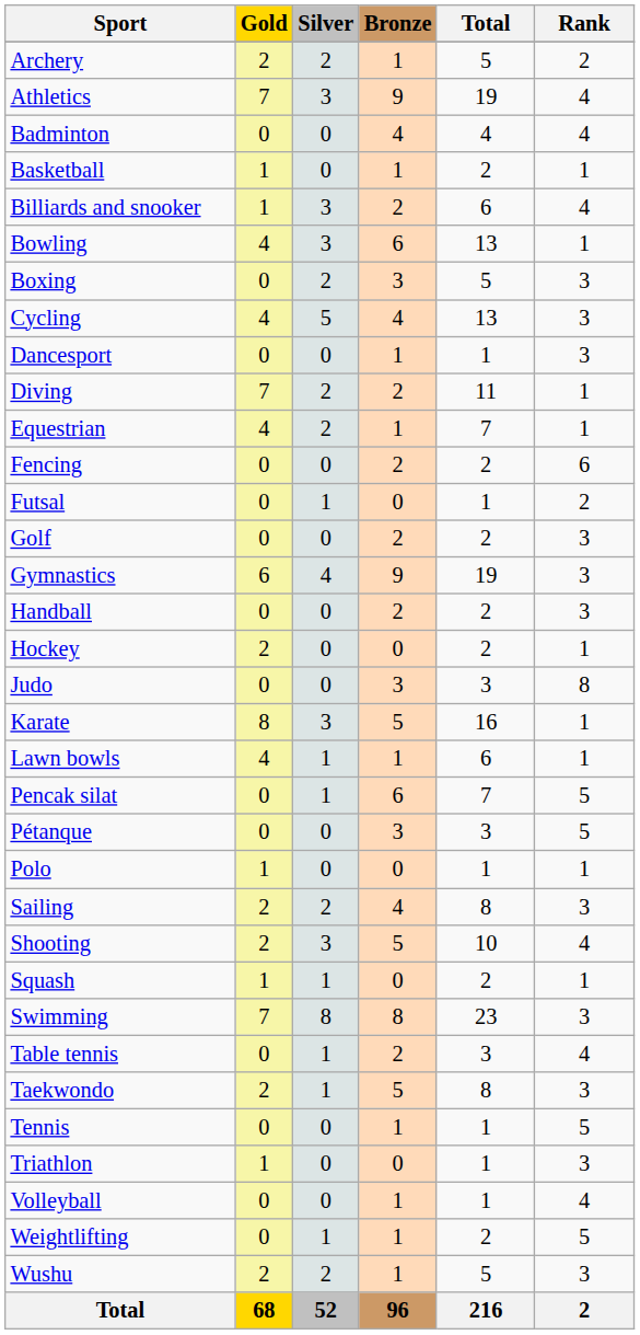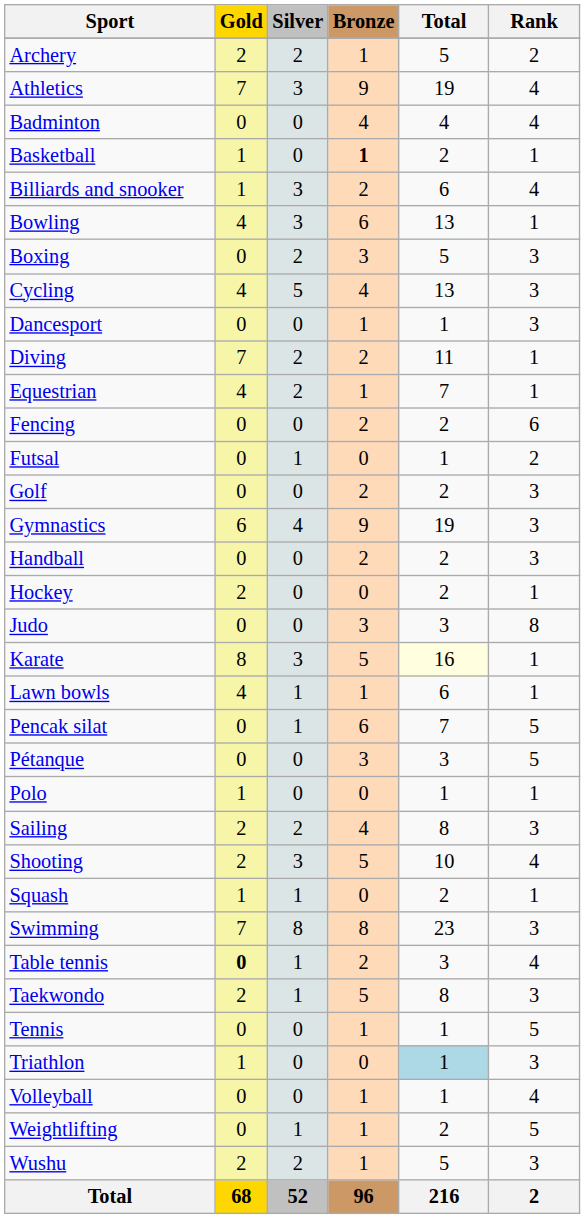 <table class="wikitable sortable" style="text-align:center; font-size:95%">
 <tr>
 <th width=150>Sport</th>
 <th style="background-color:gold; width=60;">Gold</th>
 <th style="background-color:silver; width=60;">Silver</th>
 <th style="background-color:#cc9966; width=60;">Bronze</th>
 <th width=60>Total</th>
 <th width=60>Rank</th>
 </tr>
 <tr>
 </tr>
 <tr>
 <td align=left> <a href='#'>Archery</a></td>
 <td bgcolor=#f7f6a8>2</td>
 <td bgcolor=#dce5e5>2</td>
 <td bgcolor=#ffdab9>1</td>
 <td>5</td>
 <td>2</td>
 </tr>
 <tr>
 <td align=left> <a href='#'>Athletics</a></td>
 <td bgcolor=#f7f6a8>7</td>
 <td bgcolor=#dce5e5>3</td>
 <td bgcolor=#ffdab9>9</td>
 <td>19</td>
 <td>4</td>
 </tr>
 <tr>
 <td align=left> <a href='#'>Badminton</a></td>
 <td bgcolor=#f7f6a8>0</td>
 <td bgcolor=#dce5e5>0</td>
 <td bgcolor=#ffdab9>4</td>
 <td>4</td>
 <td>4</td>
 </tr>
 <tr>
 <td align=left> <a href='#'>Basketball</a></td>
 <td bgcolor=#f7f6a8>1</td>
 <td bgcolor=#dce5e5>0</td>
-<td bgcolor=#ffdab9>1</td>
+<td bgcolor=#ffdab9><strong>1</strong></td>
 <td>2</td>
 <td>1</td>
 </tr>
 <tr>
 <td align=left> <a href='#'>Billiards and snooker</a></td>
 <td bgcolor=#f7f6a8>1</td>
 <td bgcolor=#dce5e5>3</td>
 <td bgcolor=#ffdab9>2</td>
 <td>6</td>
 <td>4</td>
 </tr>
 <tr>
 <td align=left> <a href='#'>Bowling</a></td>
 <td bgcolor=#f7f6a8>4</td>
 <td bgcolor=#dce5e5>3</td>
 <td bgcolor=#ffdab9>6</td>
 <td>13</td>
 <td>1</td>
 </tr>
 <tr>
 <td align=left> <a href='#'>Boxing</a></td>
 <td bgcolor=#f7f6a8>0</td>
 <td bgcolor=#dce5e5>2</td>
 <td bgcolor=#ffdab9>3</td>
 <td>5</td>
 <td>3</td>
 </tr>
 <tr>
 <td align=left> <a href='#'>Cycling</a></td>
 <td bgcolor=#f7f6a8>4</td>
 <td bgcolor=#dce5e5>5</td>
 <td bgcolor=#ffdab9>4</td>
 <td>13</td>
 <td>3</td>
 </tr>
 <tr>
 <td align=left> <a href='#'>Dancesport</a></td>
 <td bgcolor=#f7f6a8>0</td>
 <td bgcolor=#dce5e5>0</td>
 <td bgcolor=#ffdab9>1</td>
 <td>1</td>
 <td>3</td>
 </tr>
 <tr>
 <td align=left> <a href='#'>Diving</a></td>
 <td bgcolor=#f7f6a8>7</td>
 <td bgcolor=#dce5e5>2</td>
 <td bgcolor=#ffdab9>2</td>
 <td>11</td>
 <td>1</td>
 </tr>
 <tr>
 <td align=left> <a href='#'>Equestrian</a></td>
 <td bgcolor=#f7f6a8>4</td>
 <td bgcolor=#dce5e5>2</td>
 <td bgcolor=#ffdab9>1</td>
 <td>7</td>
 <td>1</td>
 </tr>
 <tr>
 <td align=left> <a href='#'>Fencing</a></td>
 <td bgcolor=#f7f6a8>0</td>
 <td bgcolor=#dce5e5>0</td>
 <td bgcolor=#ffdab9>2</td>
 <td>2</td>
 <td>6</td>
 </tr>
 <tr>
 <td align=left> <a href='#'>Futsal</a></td>
 <td bgcolor=#f7f6a8>0</td>
 <td bgcolor=#dce5e5>1</td>
 <td bgcolor=#ffdab9>0</td>
 <td>1</td>
 <td>2</td>
 </tr>
 <tr>
 <td align=left> <a href='#'>Golf</a></td>
 <td bgcolor=#f7f6a8>0</td>
 <td bgcolor=#dce5e5>0</td>
 <td bgcolor=#ffdab9>2</td>
 <td>2</td>
 <td>3</td>
 </tr>
 <tr>
 <td align=left> <a href='#'>Gymnastics</a></td>
 <td bgcolor=#f7f6a8>6</td>
 <td bgcolor=#dce5e5>4</td>
 <td bgcolor=#ffdab9>9</td>
 <td>19</td>
 <td>3</td>
 </tr>
 <tr>
 <td align=left> <a href='#'>Handball</a></td>
 <td bgcolor=#f7f6a8>0</td>
 <td bgcolor=#dce5e5>0</td>
 <td bgcolor=#ffdab9>2</td>
 <td>2</td>
 <td>3</td>
 </tr>
 <tr>
 <td align=left> <a href='#'>Hockey</a></td>
 <td bgcolor=#f7f6a8>2</td>
 <td bgcolor=#dce5e5>0</td>
 <td bgcolor=#ffdab9>0</td>
 <td>2</td>
 <td>1</td>
 </tr>
 <tr>
 <td align=left> <a href='#'>Judo</a></td>
 <td bgcolor=#f7f6a8>0</td>
 <td bgcolor=#dce5e5>0</td>
 <td bgcolor=#ffdab9>3</td>
 <td>3</td>
 <td>8</td>
 </tr>
 <tr>
 <td align=left> <a href='#'>Karate</a></td>
 <td bgcolor=#f7f6a8>8</td>
 <td bgcolor=#dce5e5>3</td>
 <td bgcolor=#ffdab9>5</td>
-<td>16</td>
+<td style="background: lightyellow;">16</td>
 <td>1</td>
 </tr>
 <tr>
 <td align=left> <a href='#'>Lawn bowls</a></td>
 <td bgcolor=#f7f6a8>4</td>
 <td bgcolor=#dce5e5>1</td>
 <td bgcolor=#ffdab9>1</td>
 <td>6</td>
 <td>1</td>
 </tr>
 <tr>
 <td align=left><a href='#'>Pencak silat</a></td>
 <td bgcolor=#f7f6a8>0</td>
 <td bgcolor=#dce5e5>1</td>
 <td bgcolor=#ffdab9>6</td>
 <td>7</td>
 <td>5</td>
 </tr>
 <tr>
 <td align=left> <a href='#'>Pétanque</a></td>
 <td bgcolor=#f7f6a8>0</td>
 <td bgcolor=#dce5e5>0</td>
 <td bgcolor=#ffdab9>3</td>
 <td>3</td>
 <td>5</td>
 </tr>
 <tr>
 <td align=left> <a href='#'>Polo</a></td>
 <td bgcolor=#f7f6a8>1</td>
 <td bgcolor=#dce5e5>0</td>
 <td bgcolor=#ffdab9>0</td>
 <td>1</td>
 <td>1</td>
 </tr>
 <tr>
 <td align=left> <a href='#'>Sailing</a></td>
 <td bgcolor=#f7f6a8>2</td>
 <td bgcolor=#dce5e5>2</td>
 <td bgcolor=#ffdab9>4</td>
 <td>8</td>
 <td>3</td>
 </tr>
 <tr>
 <td align=left> <a href='#'>Shooting</a></td>
 <td bgcolor=#f7f6a8>2</td>
 <td bgcolor=#dce5e5>3</td>
 <td bgcolor=#ffdab9>5</td>
 <td>10</td>
 <td>4</td>
 </tr>
 <tr>
 <td align=left> <a href='#'>Squash</a></td>
 <td bgcolor=#f7f6a8>1</td>
 <td bgcolor=#dce5e5>1</td>
 <td bgcolor=#ffdab9>0</td>
 <td>2</td>
 <td>1</td>
 </tr>
 <tr>
 <td align=left> <a href='#'>Swimming</a></td>
 <td bgcolor=#f7f6a8>7</td>
 <td bgcolor=#dce5e5>8</td>
 <td bgcolor=#ffdab9>8</td>
 <td>23</td>
 <td>3</td>
 </tr>
 <tr>
 <td align=left> <a href='#'>Table tennis</a></td>
-<td bgcolor=#f7f6a8>0</td>
+<td bgcolor=#f7f6a8><strong>0</strong></td>
 <td bgcolor=#dce5e5>1</td>
 <td bgcolor=#ffdab9>2</td>
 <td>3</td>
 <td>4</td>
 </tr>
 <tr>
 <td align=left> <a href='#'>Taekwondo</a></td>
 <td bgcolor=#f7f6a8>2</td>
 <td bgcolor=#dce5e5>1</td>
 <td bgcolor=#ffdab9>5</td>
 <td>8</td>
 <td>3</td>
 </tr>
 <tr>
 <td align=left> <a href='#'>Tennis</a></td>
 <td bgcolor=#f7f6a8>0</td>
 <td bgcolor=#dce5e5>0</td>
 <td bgcolor=#ffdab9>1</td>
 <td>1</td>
 <td>5</td>
 </tr>
 <tr>
 <td align=left> <a href='#'>Triathlon</a></td>
 <td bgcolor=#f7f6a8>1</td>
 <td bgcolor=#dce5e5>0</td>
 <td bgcolor=#ffdab9>0</td>
-<td>1</td>
+<td style="background: lightblue;">1</td>
 <td>3</td>
 </tr>
 <tr>
 <td align=left> <a href='#'>Volleyball</a></td>
 <td bgcolor=#f7f6a8>0</td>
 <td bgcolor=#dce5e5>0</td>
 <td bgcolor=#ffdab9>1</td>
 <td>1</td>
 <td>4</td>
 </tr>
 <tr>
 <td align=left> <a href='#'>Weightlifting</a></td>
 <td bgcolor=#f7f6a8>0</td>
 <td bgcolor=#dce5e5>1</td>
 <td bgcolor=#ffdab9>1</td>
 <td>2</td>
 <td>5</td>
 </tr>
 <tr>
 <td align=left> <a href='#'>Wushu</a></td>
 <td bgcolor=#f7f6a8>2</td>
 <td bgcolor=#dce5e5>2</td>
 <td bgcolor=#ffdab9>1</td>
 <td>5</td>
 <td>3</td>
 </tr>
 <tr>
 <th>Total</th>
 <th style="background-color:gold; width=60;">68</th>
 <th style="background-color:silver; width=60;">52</th>
 <th style="background-color:#cc9966; width=60;">96</th>
 <th>216</th>
 <th>2</th>
 </tr>
 </table>
